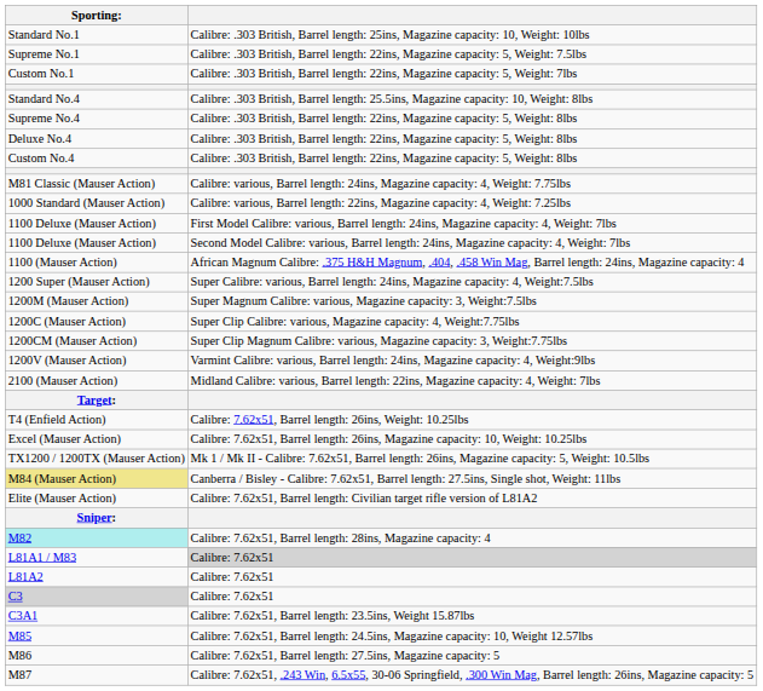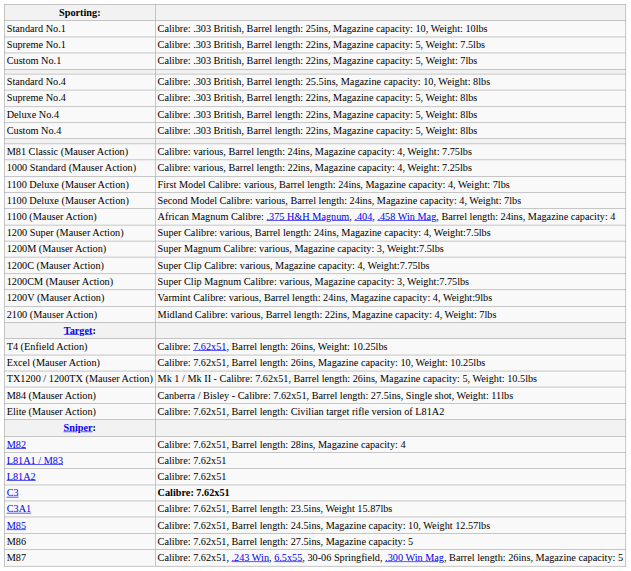 <table class="wikitable">
 <tr>
 <th>Sporting:</th>
 <th></th>
 </tr>
 <tr>
 <td>Standard No.1</td>
 <td>Calibre: .303 British, Barrel length: 25ins, Magazine capacity: 10, Weight: 10lbs</td>
 </tr>
 <tr>
 <td>Supreme No.1</td>
 <td>Calibre: .303 British, Barrel length: 22ins, Magazine capacity: 5, Weight: 7.5lbs</td>
 </tr>
 <tr>
 <td>Custom No.1</td>
 <td>Calibre: .303 British, Barrel length: 22ins, Magazine capacity: 5, Weight: 7lbs</td>
 </tr>
 <tr>
 <th></th>
 <th></th>
 </tr>
 <tr>
 <td>Standard No.4</td>
 <td>Calibre: .303 British, Barrel length: 25.5ins, Magazine capacity: 10, Weight: 8lbs</td>
 </tr>
 <tr>
 <td>Supreme No.4</td>
 <td>Calibre: .303 British, Barrel length: 22ins, Magazine capacity: 5, Weight: 8lbs</td>
 </tr>
 <tr>
 <td>Deluxe No.4</td>
 <td>Calibre: .303 British, Barrel length: 22ins, Magazine capacity: 5, Weight: 8lbs</td>
 </tr>
 <tr>
 <td>Custom No.4</td>
 <td>Calibre: .303 British, Barrel length: 22ins, Magazine capacity: 5, Weight: 8lbs</td>
 </tr>
 <tr>
 <th></th>
 <th></th>
 </tr>
 <tr>
 <td>M81 Classic (Mauser Action)</td>
 <td>Calibre: various, Barrel length: 24ins, Magazine capacity: 4, Weight: 7.75lbs</td>
 </tr>
 <tr>
 <td>1000 Standard (Mauser Action)</td>
 <td>Calibre: various, Barrel length: 22ins, Magazine capacity: 4, Weight: 7.25lbs</td>
 </tr>
 <tr>
 <td>1100 Deluxe (Mauser Action)</td>
 <td>First Model Calibre: various, Barrel length: 24ins, Magazine capacity: 4, Weight: 7lbs</td>
 </tr>
 <tr>
 <td>1100 Deluxe (Mauser Action)</td>
 <td>Second Model Calibre: various, Barrel length: 24ins, Magazine capacity: 4, Weight: 7lbs</td>
 </tr>
 <tr>
 <td>1100 (Mauser Action)</td>
 <td>African Magnum Calibre: <a href='#'> .375 H&H Magnum</a>, <a href='#'> .404</a>, <a href='#'> .458 Win Mag</a>, Barrel length: 24ins, Magazine capacity: 4</td>
 </tr>
 <tr>
 <td>1200 Super (Mauser Action)</td>
 <td>Super Calibre: various, Barrel length: 24ins, Magazine capacity: 4, Weight:7.5lbs</td>
 </tr>
 <tr>
 <td>1200M (Mauser Action)</td>
 <td>Super Magnum Calibre: various, Magazine capacity: 3, Weight:7.5lbs</td>
 </tr>
 <tr>
 <td>1200C (Mauser Action)</td>
 <td>Super Clip Calibre: various, Magazine capacity: 4, Weight:7.75lbs</td>
 </tr>
 <tr>
 <td>1200CM (Mauser Action)</td>
 <td>Super Clip Magnum Calibre: various, Magazine capacity: 3, Weight:7.75lbs</td>
 </tr>
 <tr>
 <td>1200V (Mauser Action)</td>
 <td>Varmint  Calibre: various, Barrel length: 24ins, Magazine capacity: 4, Weight:9lbs</td>
 </tr>
 <tr>
 <td>2100 (Mauser Action)</td>
 <td>Midland  Calibre: various, Barrel length: 22ins, Magazine capacity: 4, Weight: 7lbs</td>
 </tr>
 <tr>
 <th><a href='#'>Target</a>:</th>
 <th></th>
 </tr>
 <tr>
 <td>T4 (Enfield Action)</td>
 <td>Calibre: <a href='#'> 7.62x51</a>, Barrel length: 26ins, Weight: 10.25lbs</td>
 </tr>
 <tr>
 <td>Excel (Mauser Action)</td>
 <td>Calibre: 7.62x51, Barrel length: 26ins, Magazine capacity: 10, Weight: 10.25lbs</td>
 </tr>
 <tr>
 <td>TX1200 / 1200TX (Mauser Action)</td>
 <td>Mk 1 / Mk II - Calibre: 7.62x51, Barrel length: 26ins, Magazine capacity: 5, Weight: 10.5lbs</td>
 </tr>
 <tr>
-<td style="background: khaki;">M84 (Mauser Action)</td>
+<td>M84 (Mauser Action)</td>
 <td>Canberra / Bisley - Calibre: 7.62x51, Barrel length: 27.5ins, Single shot, Weight: 11lbs</td>
 </tr>
 <tr>
 <td>Elite (Mauser Action)</td>
 <td>Calibre: 7.62x51, Barrel length: Civilian target rifle version of L81A2</td>
 </tr>
 <tr>
 <th><a href='#'>Sniper</a>:</th>
 <th></th>
 </tr>
 <tr>
-<td style="background: paleturquoise;"><a href='#'>M82</a></td>
+<td><a href='#'>M82</a></td>
 <td>Calibre: 7.62x51, Barrel length: 28ins, Magazine capacity: 4</td>
 </tr>
 <tr>
 <td><a href='#'>L81A1 / M83</a></td>
-<td style="background: lightgrey;">Calibre: 7.62x51</td>
+<td>Calibre: 7.62x51</td>
 </tr>
 <tr>
 <td><a href='#'>L81A2</a></td>
 <td>Calibre: 7.62x51</td>
 </tr>
 <tr>
-<td style="background: lightgrey;"><a href='#'>C3</a></td>
-<td>Calibre: 7.62x51</td>
+<td><a href='#'>C3</a></td>
+<td><strong>Calibre: 7.62x51</strong></td>
 </tr>
 <tr>
 <td><a href='#'>C3A1</a></td>
 <td>Calibre: 7.62x51, Barrel length: 23.5ins, Weight 15.87lbs</td>
 </tr>
 <tr>
 <td><a href='#'>M85</a></td>
 <td>Calibre: 7.62x51, Barrel length: 24.5ins, Magazine capacity: 10, Weight 12.57lbs</td>
 </tr>
 <tr>
 <td>M86</td>
 <td>Calibre: 7.62x51, Barrel length: 27.5ins, Magazine capacity: 5</td>
 </tr>
 <tr>
 <td>M87</td>
 <td>Calibre: 7.62x51, <a href='#'> .243 Win</a>, <a href='#'> 6.5x55</a>, 30-06 Springfield, <a href='#'> .300 Win Mag</a>, Barrel length: 26ins, Magazine capacity: 5</td>
 </tr>
 </table>
